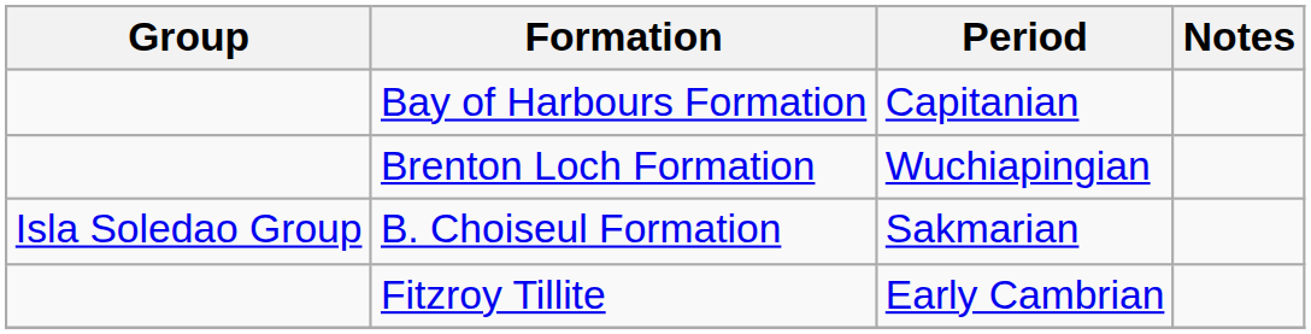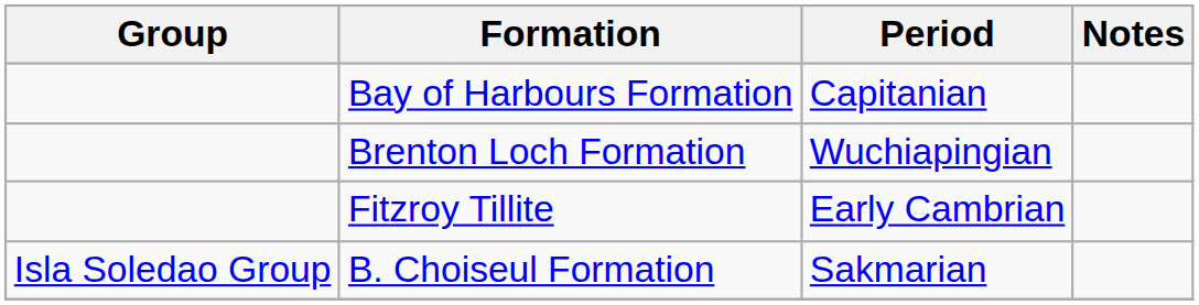 <table class="wikitable sortable">
 <tr>
 <th>Group</th>
 <th>Formation</th>
 <th>Period</th>
 <th class="unsortable">Notes</th>
 </tr>
 <tr>
 <td></td>
 <td><a href='#'>Bay of Harbours Formation</a></td>
 <td style="background-color: "><a href='#'>Capitanian</a></td>
 <td align=center></td>
 </tr>
 <tr>
 <td></td>
 <td><a href='#'>Brenton Loch Formation</a></td>
 <td style="background-color: "><a href='#'>Wuchiapingian</a></td>
 <td align=center></td>
 </tr>
 <tr>
+<td></td>
+<td><a href='#'>Fitzroy Tillite</a></td>
+<td style="background-color: "><a href='#'>Early Cambrian</a></td>
+<td align=center></td>
+</tr>
+<tr>
 <td><a href='#'>Isla Soledao Group</a></td>
 <td><a href='#'>B. Choiseul Formation</a></td>
 <td style="background-color: "><a href='#'>Sakmarian</a></td>
 <td align=center></td>
 </tr>
 <tr>
-<td></td>
-<td><a href='#'>Fitzroy Tillite</a></td>
-<td style="background-color: "><a href='#'>Early Cambrian</a></td>
-<td align=center></td>
-</tr>
-<tr>
 </tr>
 </table>
